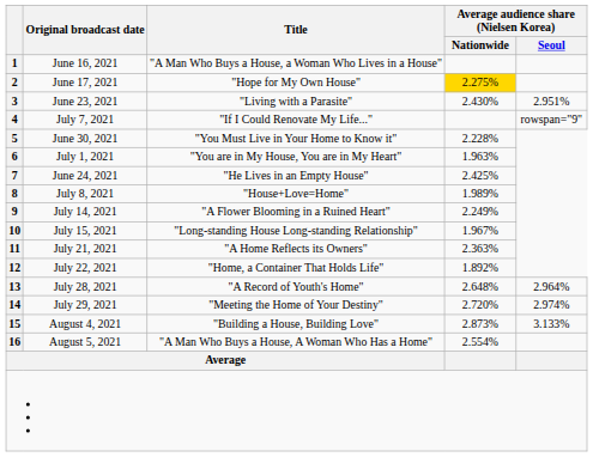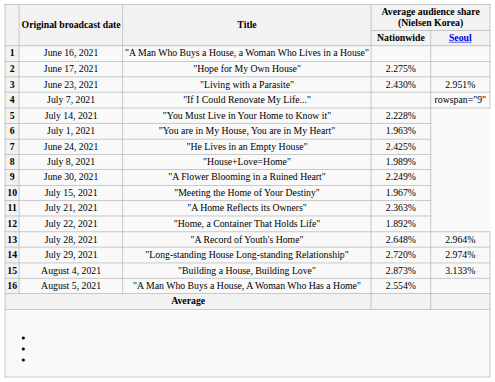 <table class="wikitable" style="text-align:center; max-width:800px; margin-left: auto; margin-right: auto; border: none;">
 <tr>
 </tr>
 <tr>
 <th rowspan="2"></th>
 <th rowspan="2">Original broadcast date</th>
 <th rowspan="2">Title</th>
 <th colspan="2">Average audience share<br>(Nielsen Korea)</th>
 </tr>
 <tr>
 <th width="90">Nationwide</th>
 <th width="90"><a href='#'>Seoul</a></th>
 </tr>
 <tr>
 <th>1</th>
 <td>June 16, 2021</td>
 <td>"A Man Who Buys a House, a Woman Who Lives in a House"</td>
 <td><strong></strong> </td>
 <td><strong></strong> </td>
 </tr>
 <tr>
 <th>2</th>
 <td>June 17, 2021</td>
 <td>"Hope for My Own House"</td>
-<td style="background: gold;">2.275% </td>
+<td>2.275% </td>
 <td></td>
 </tr>
 <tr>
 <th>3</th>
 <td>June 23, 2021</td>
 <td>"Living with a Parasite"</td>
 <td>2.430% </td>
 <td>2.951% </td>
 </tr>
 <tr>
 <th>4</th>
 <td>July 7, 2021</td>
 <td>"If I Could Renovate My Life..."</td>
 <td><strong></strong> </td>
 <td>rowspan="9" </td>
 </tr>
 <tr>
 <th>5</th>
-<td>June 30, 2021</td>
+<td>July 14, 2021</td>
 <td>"You Must Live in Your Home to Know it"</td>
 <td>2.228% </td>
 </tr>
 <tr>
 <th>6</th>
 <td>July 1, 2021</td>
 <td>"You are in My House, You are in My Heart"</td>
 <td>1.963% </td>
 </tr>
 <tr>
 <th>7</th>
 <td>June 24, 2021</td>
 <td>"He Lives in an Empty House"</td>
 <td>2.425% </td>
 </tr>
 <tr>
 <th>8</th>
 <td>July 8, 2021</td>
 <td>"House+Love=Home"</td>
 <td>1.989% </td>
 </tr>
 <tr>
 <th>9</th>
-<td>July 14, 2021</td>
+<td>June 30, 2021</td>
 <td>"A Flower Blooming in a Ruined Heart"</td>
 <td>2.249% </td>
 </tr>
 <tr>
 <th>10</th>
 <td>July 15, 2021</td>
-<td>"Long-standing House Long-standing Relationship"</td>
+<td>"Meeting the Home of Your Destiny"</td>
 <td>1.967% </td>
 </tr>
 <tr>
 <th>11</th>
 <td>July 21, 2021</td>
 <td>"A Home Reflects its Owners"</td>
 <td>2.363% </td>
 </tr>
 <tr>
 <th>12</th>
 <td>July 22, 2021</td>
 <td>"Home, a Container That Holds Life"</td>
 <td>1.892% </td>
 </tr>
 <tr>
 <th>13</th>
 <td>July 28, 2021</td>
 <td>"A Record of Youth's Home"</td>
 <td>2.648% </td>
 <td>2.964% </td>
 </tr>
 <tr>
 <th>14</th>
 <td>July 29, 2021</td>
-<td>"Meeting the Home of Your Destiny"</td>
+<td>"Long-standing House Long-standing Relationship"</td>
 <td>2.720% </td>
 <td>2.974% </td>
 </tr>
 <tr>
 <th>15</th>
 <td>August 4, 2021</td>
 <td>"Building a House, Building Love"</td>
 <td>2.873% </td>
 <td>3.133% </td>
 </tr>
 <tr>
 <th>16</th>
 <td>August 5, 2021</td>
 <td>"A Man Who Buys a House, A Woman Who Has a Home"</td>
 <td>2.554% </td>
 <td></td>
 </tr>
 <tr>
 <th colspan="3">Average</th>
 <th></th>
 <th></th>
 </tr>
 <tr>
 <td colspan="5"><br><ul><li></li><li></li><li></li></ul></td>
 </tr>
 </table>
